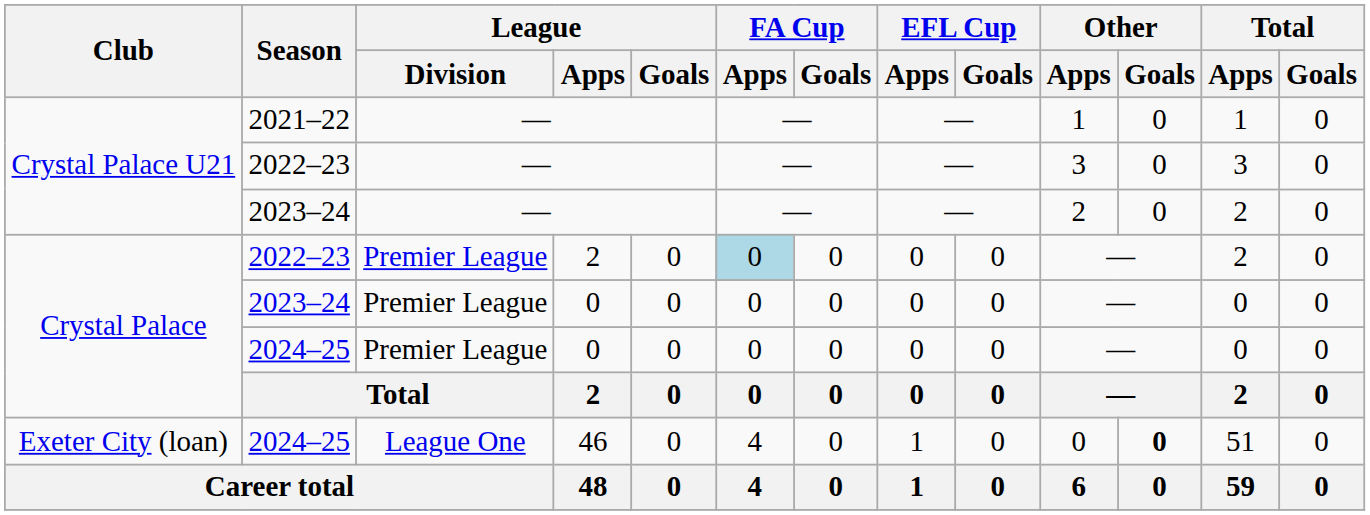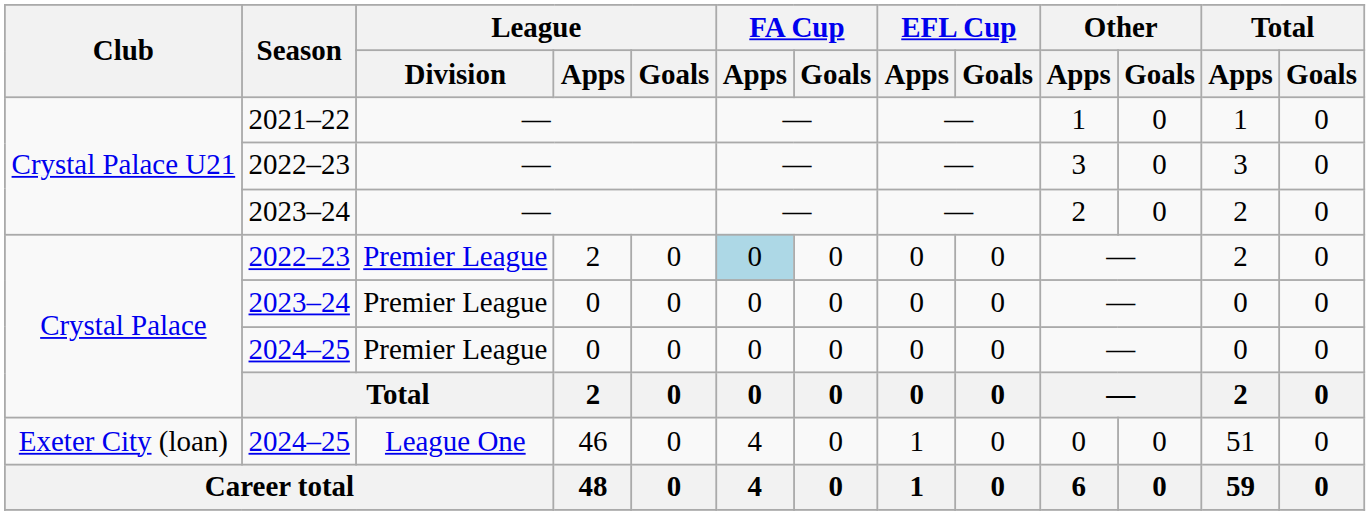 <table class="wikitable" style="text-align: center;">
 <tr>
 <th rowspan="2">Club</th>
 <th rowspan="2">Season</th>
 <th colspan="3">League</th>
 <th colspan="2"><a href='#'>FA Cup</a></th>
 <th colspan="2"><a href='#'>EFL Cup</a></th>
 <th colspan="2">Other</th>
 <th colspan="2">Total</th>
 </tr>
 <tr>
 <th>Division</th>
 <th>Apps</th>
 <th>Goals</th>
 <th>Apps</th>
 <th>Goals</th>
 <th>Apps</th>
 <th>Goals</th>
 <th>Apps</th>
 <th>Goals</th>
 <th>Apps</th>
 <th>Goals</th>
 </tr>
 <tr>
 <td rowspan=3><a href='#'>Crystal Palace U21</a></td>
 <td>2021–22</td>
 <td colspan=3>—</td>
 <td colspan=2>—</td>
 <td colspan=2>—</td>
 <td>1</td>
 <td>0</td>
 <td>1</td>
 <td>0</td>
 </tr>
 <tr>
 <td>2022–23</td>
 <td colspan=3>—</td>
 <td colspan=2>—</td>
 <td colspan=2>—</td>
 <td>3</td>
 <td>0</td>
 <td>3</td>
 <td>0</td>
 </tr>
 <tr>
 <td>2023–24</td>
 <td colspan=3>—</td>
 <td colspan=2>—</td>
 <td colspan=2>—</td>
 <td>2</td>
 <td>0</td>
 <td>2</td>
 <td>0</td>
 </tr>
 <tr>
 <td rowspan=4><a href='#'>Crystal Palace</a></td>
 <td><a href='#'>2022–23</a></td>
 <td><a href='#'>Premier League</a></td>
 <td>2</td>
 <td>0</td>
 <td style="background: lightblue;">0</td>
 <td>0</td>
 <td>0</td>
 <td>0</td>
 <td colspan=2>—</td>
 <td>2</td>
 <td>0</td>
 </tr>
 <tr>
 <td><a href='#'>2023–24</a></td>
 <td>Premier League</td>
 <td>0</td>
 <td>0</td>
 <td>0</td>
 <td>0</td>
 <td>0</td>
 <td>0</td>
 <td colspan=2>—</td>
 <td>0</td>
 <td>0</td>
 </tr>
 <tr>
 <td><a href='#'>2024–25</a></td>
 <td>Premier League</td>
 <td>0</td>
 <td>0</td>
 <td>0</td>
 <td>0</td>
 <td>0</td>
 <td>0</td>
 <td colspan=2>—</td>
 <td>0</td>
 <td>0</td>
 </tr>
 <tr>
 <th colspan=2>Total</th>
 <th>2</th>
 <th>0</th>
 <th>0</th>
 <th>0</th>
 <th>0</th>
 <th>0</th>
 <th colspan=2>—</th>
 <th>2</th>
 <th>0</th>
 </tr>
 <tr>
 <td><a href='#'>Exeter City</a> (loan)</td>
 <td><a href='#'>2024–25</a></td>
 <td><a href='#'>League One</a></td>
 <td>46</td>
 <td>0</td>
 <td>4</td>
 <td>0</td>
 <td>1</td>
 <td>0</td>
 <td>0</td>
-<td><strong>0</strong></td>
+<td>0</td>
 <td>51</td>
 <td>0</td>
 </tr>
 <tr>
 <th colspan=3>Career total</th>
 <th>48</th>
 <th>0</th>
 <th>4</th>
 <th>0</th>
 <th>1</th>
 <th>0</th>
 <th>6</th>
 <th>0</th>
 <th>59</th>
 <th>0</th>
 </tr>
 </table>
